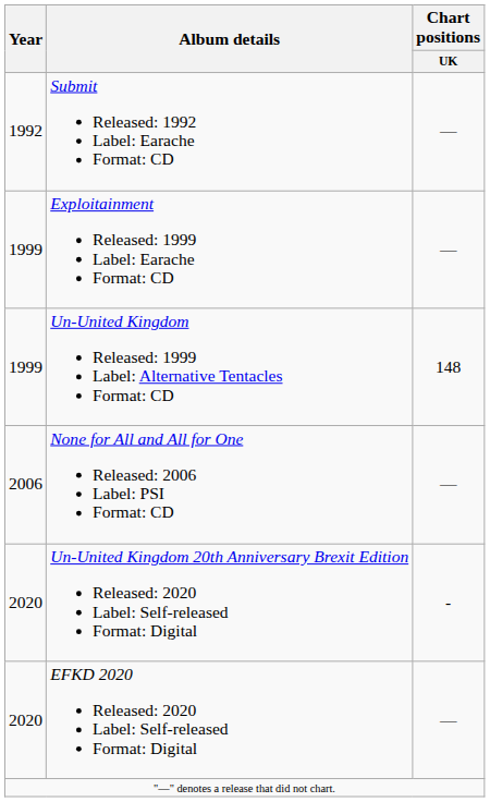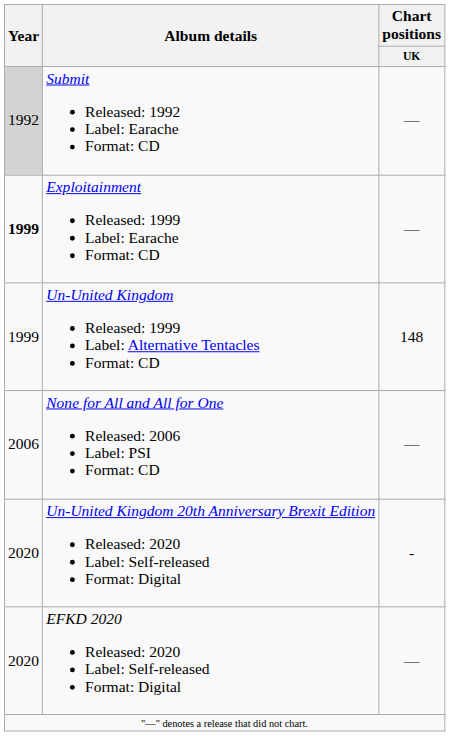 <table class="wikitable">
 <tr>
 <th rowspan="2">Year</th>
 <th rowspan="2">Album details</th>
 <th>Chart positions</th>
 </tr>
 <tr>
 <th style="width:3em;font-size:75%">UK<br></th>
 </tr>
 <tr>
-<td>1992</td>
+<td style="background: lightgrey;">1992</td>
 <td><em><a href='#'>Submit</a></em><br><ul><li>Released: 1992</li><li>Label: Earache</li><li>Format: CD</li></ul></td>
 <td align="center">—</td>
 </tr>
 <tr>
-<td>1999</td>
+<td><strong>1999</strong></td>
 <td><em><a href='#'>Exploitainment</a></em><br><ul><li>Released: 1999</li><li>Label: Earache</li><li>Format: CD</li></ul></td>
 <td align="center">—</td>
 </tr>
 <tr>
 <td>1999</td>
 <td><em><a href='#'>Un-United Kingdom</a></em><br><ul><li>Released: 1999</li><li>Label: <a href='#'>Alternative Tentacles</a></li><li>Format: CD</li></ul></td>
 <td align="center">148</td>
 </tr>
 <tr>
 <td>2006</td>
 <td><em><a href='#'>None for All and All for One</a></em><br><ul><li>Released: 2006</li><li>Label: PSI</li><li>Format: CD</li></ul></td>
 <td align="center">—</td>
 </tr>
 <tr>
 <td>2020</td>
 <td><em><a href='#'>Un-United Kingdom 20th Anniversary Brexit Edition</a></em><br><ul><li>Released: 2020</li><li>Label: Self-released</li><li>Format: Digital</li></ul></td>
 <td align="center">-</td>
 </tr>
 <tr>
 <td>2020</td>
 <td><em>EFKD 2020</em><br><ul><li>Released: 2020</li><li>Label: Self-released</li><li>Format: Digital</li></ul></td>
 <td align="center">—</td>
 </tr>
 <tr>
 <td align="center" colspan="3" style="font-size: 8pt">"—" denotes a release that did not chart.</td>
 </tr>
 </table>
